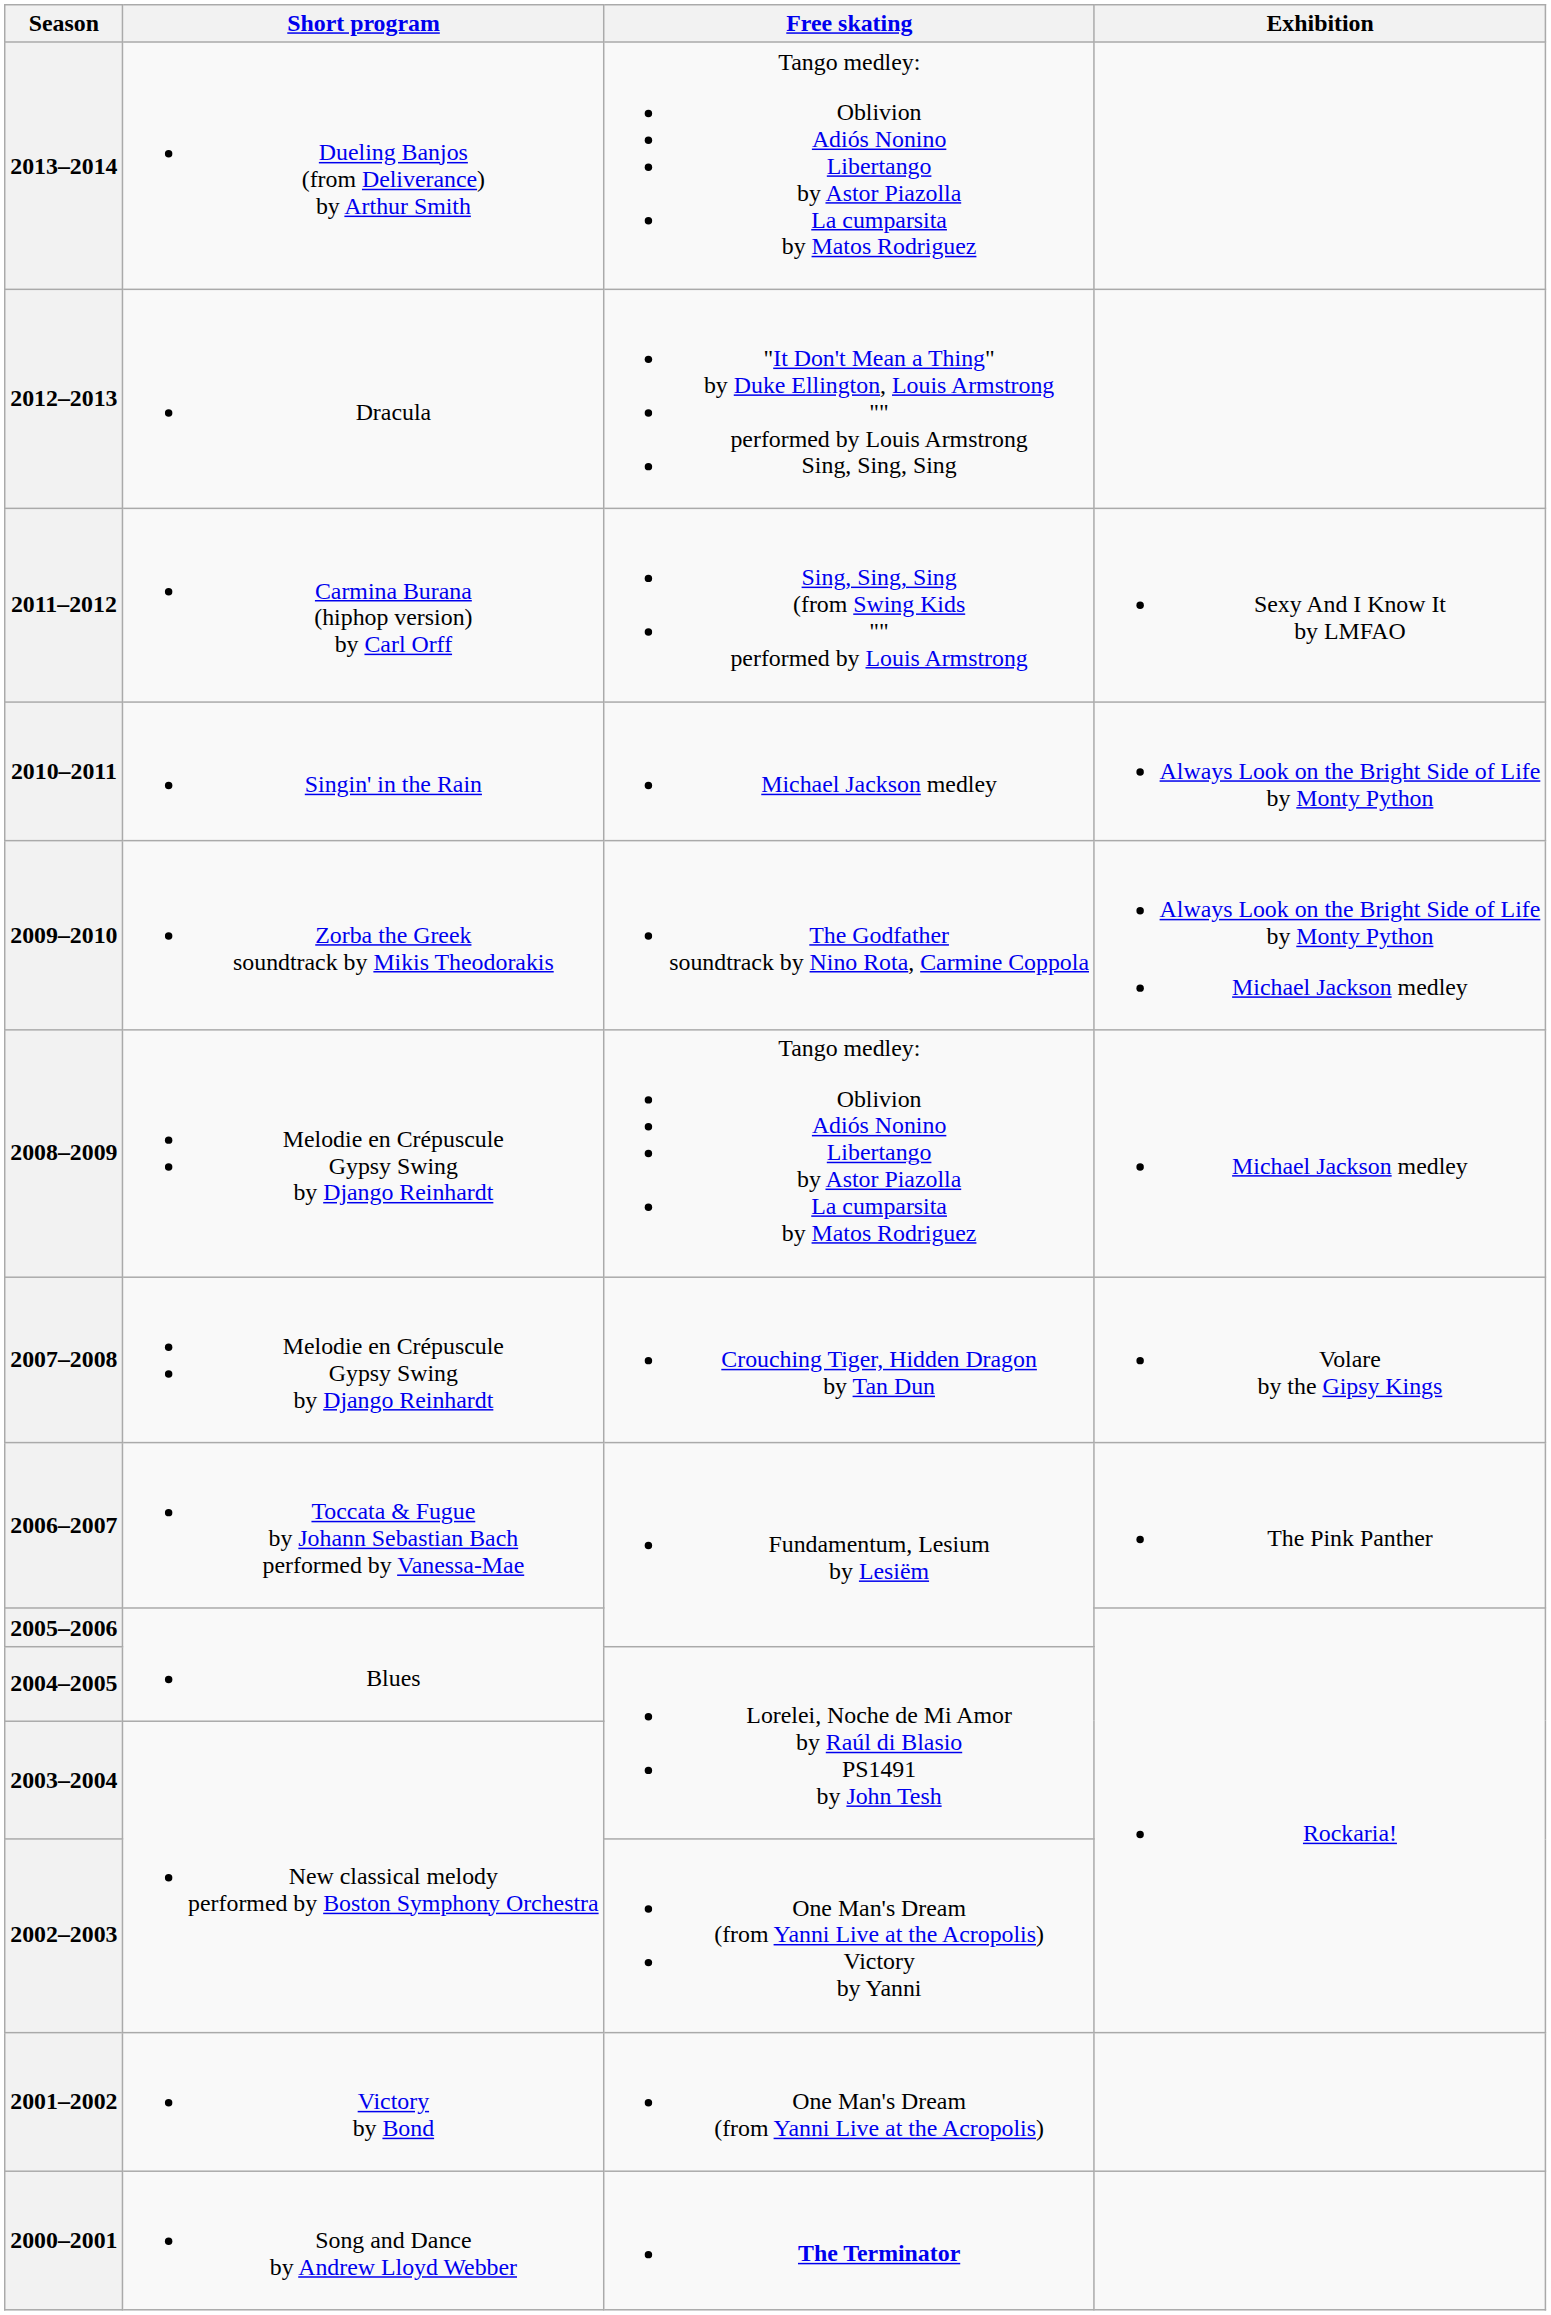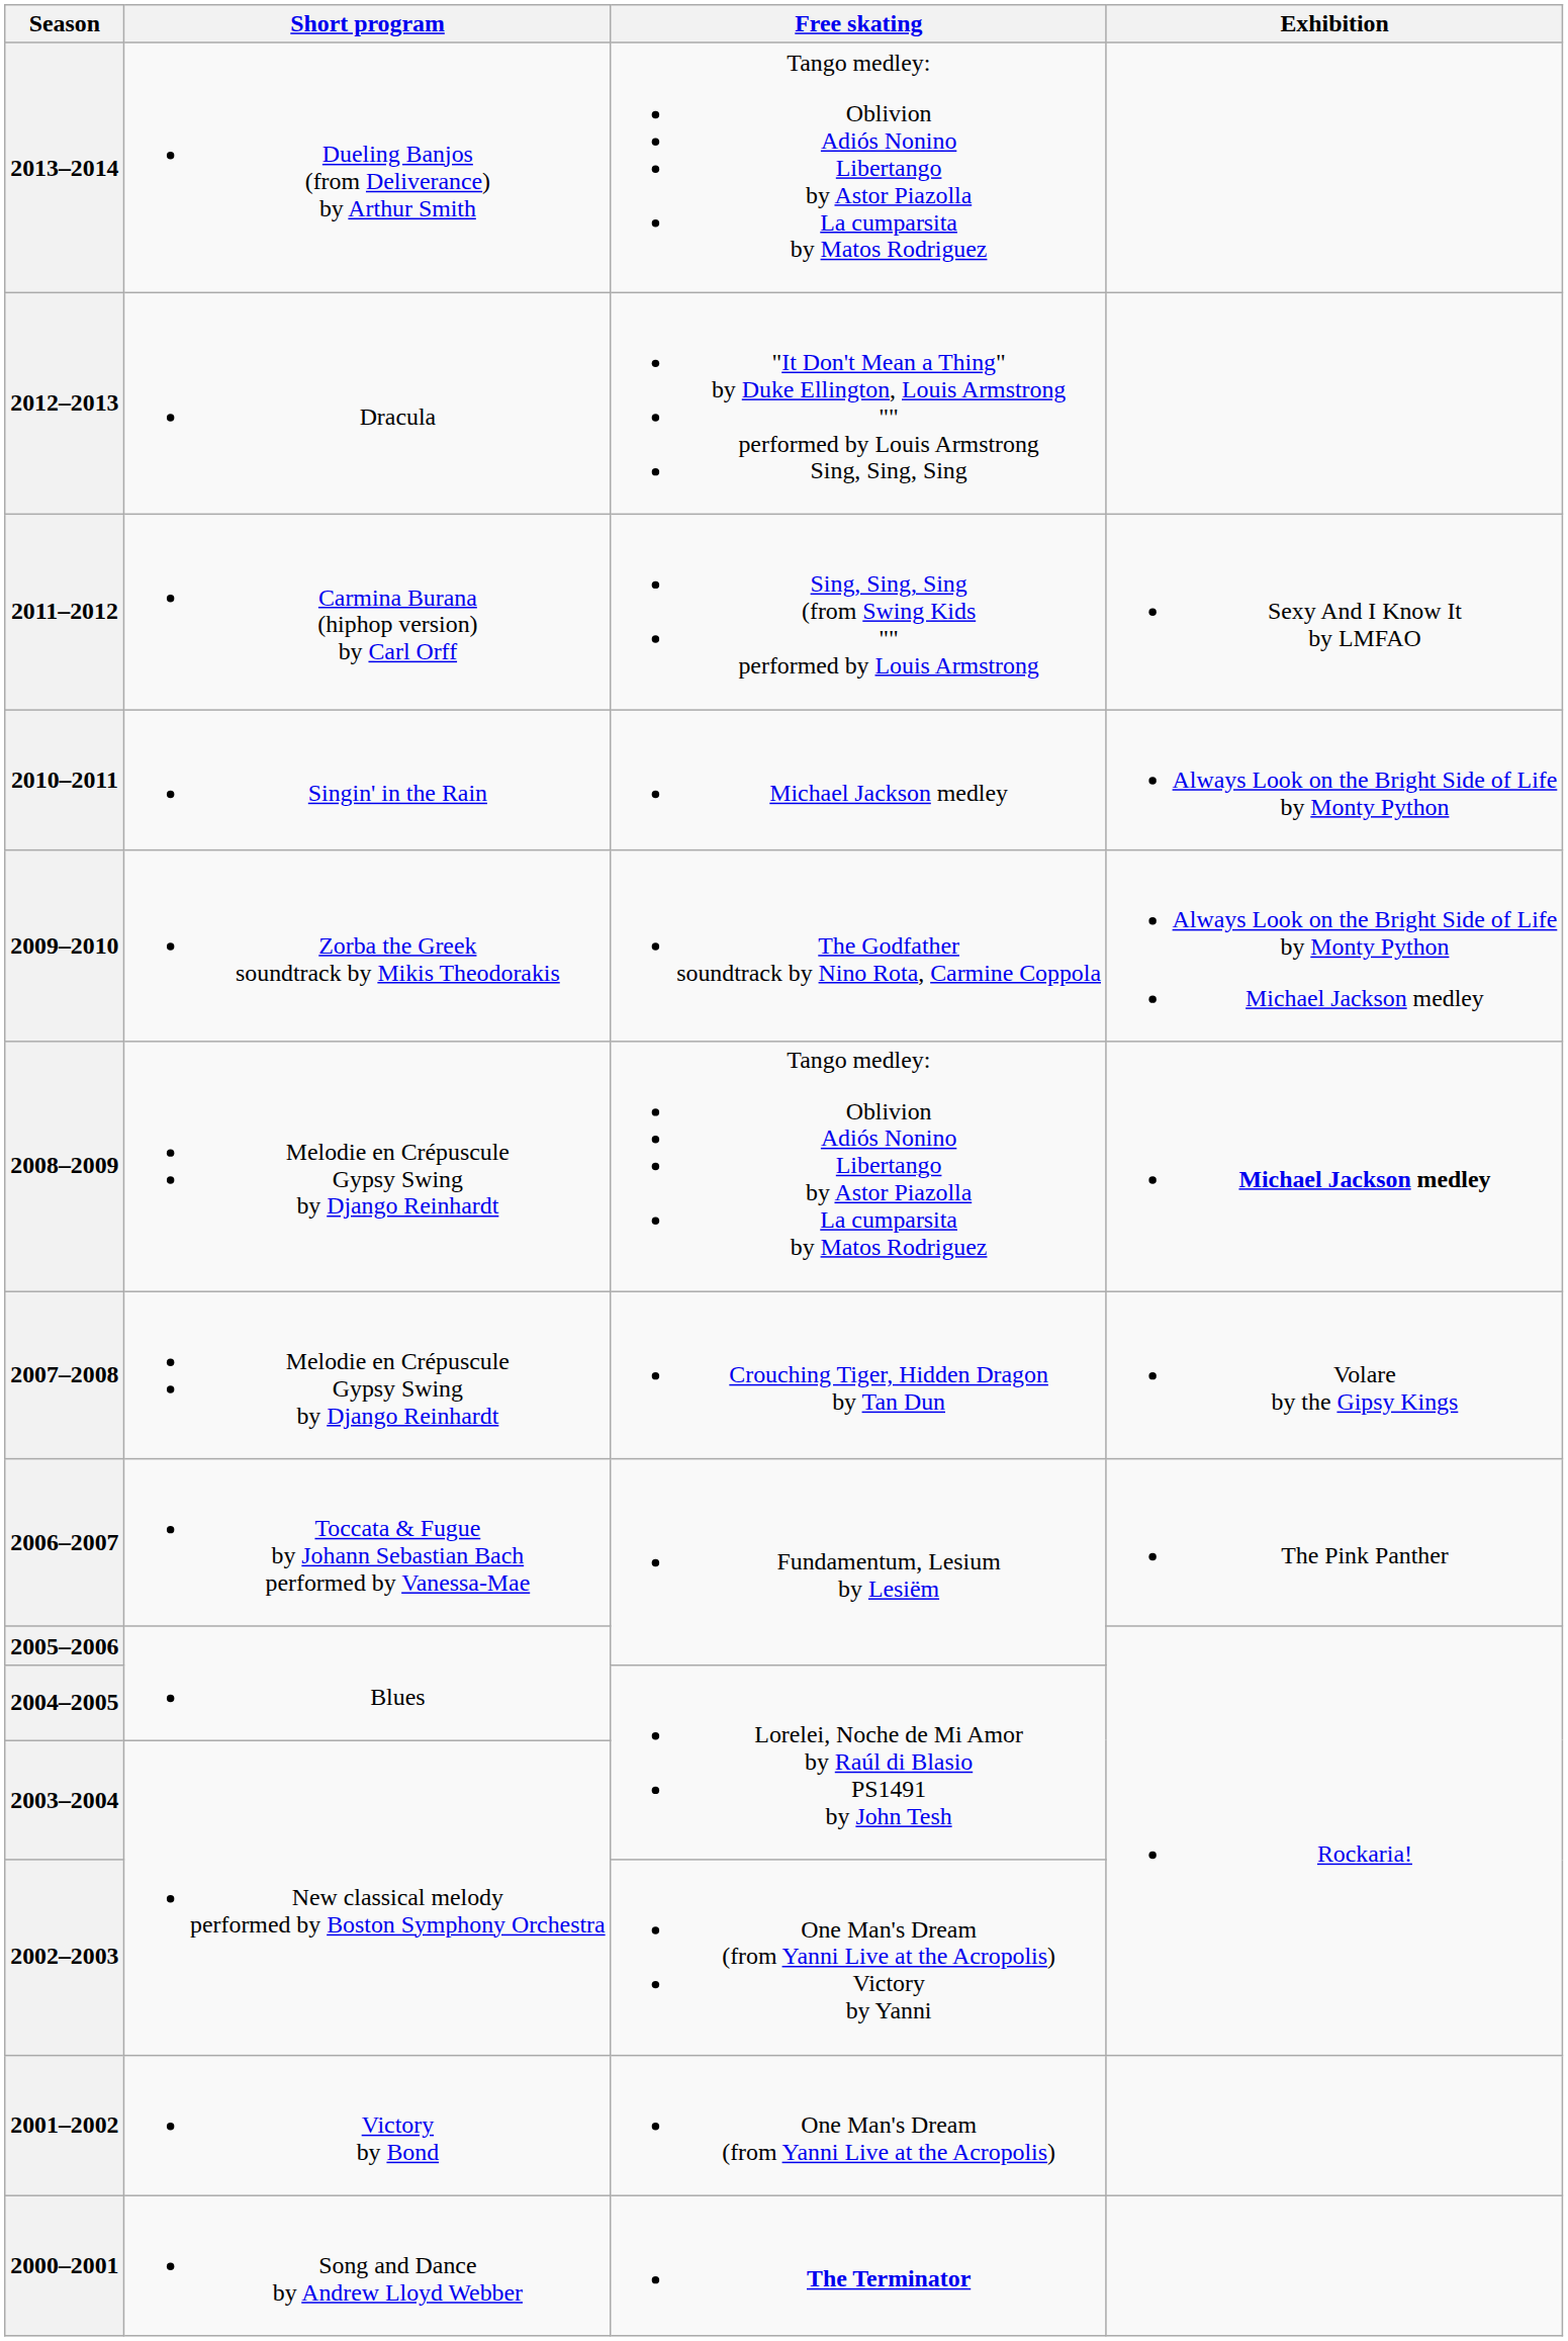 <table class=wikitable style=text-align:center>
 <tr>
 <th>Season</th>
 <th><a href='#'>Short program</a></th>
 <th><a href='#'>Free skating</a></th>
 <th>Exhibition</th>
 </tr>
 <tr>
 <th>2013–2014 <br> </th>
 <td><br><ul><li><a href='#'>Dueling Banjos</a> <br> (from <a href='#'>Deliverance</a>) <br> by <a href='#'>Arthur Smith</a></li></ul></td>
 <td>Tango medley:<br><ul><li>Oblivion</li><li><a href='#'>Adiós Nonino</a></li><li><a href='#'>Libertango</a> <br> by <a href='#'>Astor Piazolla</a></li><li><a href='#'>La cumparsita</a> <br> by <a href='#'>Matos Rodriguez</a></li></ul></td>
 <td></td>
 </tr>
 <tr>
 <th>2012–2013 <br> </th>
 <td><br><ul><li>Dracula</li></ul></td>
 <td><br><ul><li>"<a href='#'>It Don't Mean a Thing</a>" <br> by <a href='#'>Duke Ellington</a>, <a href='#'>Louis Armstrong</a></li><li>"" <br> performed by Louis Armstrong</li><li>Sing, Sing, Sing</li></ul></td>
 <td></td>
 </tr>
 <tr>
 <th>2011–2012 <br> </th>
 <td><br><ul><li><a href='#'>Carmina Burana</a> <br> (hiphop version) <br> by <a href='#'>Carl Orff</a></li></ul></td>
 <td><br><ul><li><a href='#'>Sing, Sing, Sing</a> <br> (from <a href='#'>Swing Kids</a></li><li>"" <br> performed by <a href='#'>Louis Armstrong</a></li></ul></td>
 <td><br><ul><li>Sexy And I Know It <br> by LMFAO</li></ul></td>
 </tr>
 <tr>
 <th>2010–2011 <br> </th>
 <td><br><ul><li><a href='#'>Singin' in the Rain</a></li></ul></td>
 <td><br><ul><li><a href='#'>Michael Jackson</a> medley</li></ul></td>
 <td><br><ul><li><a href='#'>Always Look on the Bright Side of Life</a> <br> by <a href='#'>Monty Python</a></li></ul></td>
 </tr>
 <tr>
 <th>2009–2010 <br> </th>
 <td><br><ul><li><a href='#'>Zorba the Greek</a> <br> soundtrack by <a href='#'>Mikis Theodorakis</a></li></ul></td>
 <td><br><ul><li><a href='#'>The Godfather</a> <br> soundtrack by <a href='#'>Nino Rota</a>, <a href='#'>Carmine Coppola</a></li></ul></td>
 <td><br><ul><li><a href='#'>Always Look on the Bright Side of Life</a> <br> by <a href='#'>Monty Python</a></li></ul><ul><li><a href='#'>Michael Jackson</a> medley</li></ul></td>
 </tr>
 <tr>
 <th>2008–2009 <br> </th>
 <td><br><ul><li>Melodie en Crépuscule</li><li>Gypsy Swing <br> by <a href='#'>Django Reinhardt</a></li></ul></td>
 <td>Tango medley:<br><ul><li>Oblivion</li><li><a href='#'>Adiós Nonino</a></li><li><a href='#'>Libertango</a> <br> by <a href='#'>Astor Piazolla</a></li><li><a href='#'>La cumparsita</a> <br> by <a href='#'>Matos Rodriguez</a></li></ul></td>
-<td><br><ul><li><a href='#'>Michael Jackson</a> medley</li></ul></td>
+<td><strong><br><ul><li><a href='#'>Michael Jackson</a> medley</li></ul></strong></td>
 </tr>
 <tr>
 <th>2007–2008 <br> </th>
 <td><br><ul><li>Melodie en Crépuscule</li><li>Gypsy Swing <br> by <a href='#'>Django Reinhardt</a></li></ul></td>
 <td><br><ul><li><a href='#'>Crouching Tiger, Hidden Dragon</a> <br> by <a href='#'>Tan Dun</a></li></ul></td>
 <td><br><ul><li>Volare <br> by the <a href='#'>Gipsy Kings</a></li></ul></td>
 </tr>
 <tr>
 <th>2006–2007 <br> </th>
 <td><br><ul><li><a href='#'>Toccata & Fugue</a> <br> by <a href='#'>Johann Sebastian Bach</a> <br> performed by <a href='#'>Vanessa-Mae</a></li></ul></td>
 <td rowspan=2><br><ul><li>Fundamentum, Lesium <br> by <a href='#'>Lesiëm</a></li></ul></td>
 <td><br><ul><li>The Pink Panther</li></ul></td>
 </tr>
 <tr>
 <th>2005–2006 <br> </th>
 <td rowspan="2"><br><ul><li>Blues</li></ul></td>
 <td rowspan="4"><br><ul><li><a href='#'>Rockaria!</a></li></ul></td>
 </tr>
 <tr>
 <th>2004–2005 <br> </th>
 <td rowspan=2><br><ul><li>Lorelei, Noche de Mi Amor <br> by <a href='#'>Raúl di Blasio</a></li><li>PS1491 <br> by <a href='#'>John Tesh</a></li></ul></td>
 </tr>
 <tr>
 <th>2003–2004 <br> </th>
 <td rowspan="2"><br><ul><li>New classical melody <br> performed by <a href='#'>Boston Symphony Orchestra</a></li></ul></td>
 </tr>
 <tr>
 <th>2002–2003 <br> </th>
 <td><br><ul><li>One Man's Dream <br> (from <a href='#'>Yanni Live at the Acropolis</a>)</li><li>Victory <br> by Yanni</li></ul></td>
 </tr>
 <tr>
 <th>2001–2002 <br> </th>
 <td><br><ul><li><a href='#'>Victory</a> <br> by <a href='#'>Bond</a></li></ul></td>
 <td><br><ul><li>One Man's Dream <br> (from <a href='#'>Yanni Live at the Acropolis</a>)</li></ul></td>
 <td></td>
 </tr>
 <tr>
 <th>2000–2001 <br> </th>
 <td><br><ul><li>Song and Dance <br> by <a href='#'>Andrew Lloyd Webber</a></li></ul></td>
 <td><strong><br><ul><li><a href='#'>The Terminator</a></li></ul></strong></td>
 <td></td>
 </tr>
 </table>
